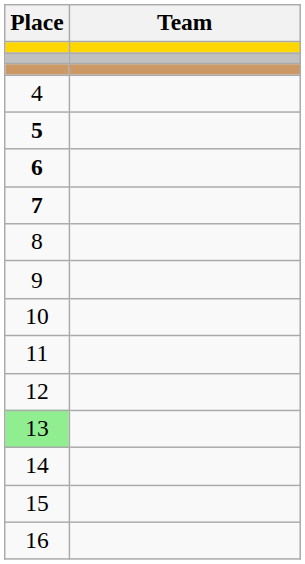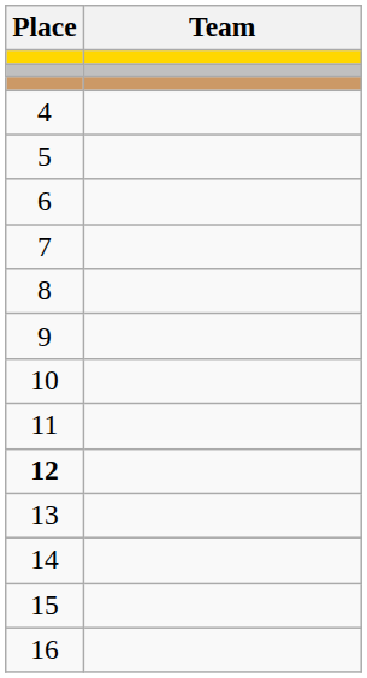 <table class="wikitable" style="text-align:center;">
 <tr>
 <th width=30>Place</th>
 <th width=150>Team</th>
 </tr>
 <tr bgcolor=gold>
 <td></td>
 <td align="left"><strong></strong></td>
 </tr>
 <tr bgcolor=silver>
 <td></td>
 <td align="left"></td>
 </tr>
 <tr bgcolor="#cc9966">
 <td></td>
 <td align="left"></td>
 </tr>
 <tr>
 <td>4</td>
 <td align="left"></td>
 </tr>
 <tr>
-<td><strong>5</strong></td>
+<td>5</td>
 <td align="left"></td>
 </tr>
 <tr>
-<td><strong>6</strong></td>
+<td>6</td>
 <td align="left"></td>
 </tr>
 <tr>
-<td><strong>7</strong></td>
+<td>7</td>
 <td align="left"></td>
 </tr>
 <tr>
 <td>8</td>
 <td align="left"></td>
 </tr>
 <tr>
 <td>9</td>
 <td align="left"></td>
 </tr>
 <tr>
 <td>10</td>
 <td align="left"></td>
 </tr>
 <tr>
 <td>11</td>
 <td align="left"></td>
 </tr>
 <tr>
-<td>12</td>
+<td><strong>12</strong></td>
 <td align="left"></td>
 </tr>
 <tr>
-<td style="background: lightgreen;">13</td>
+<td>13</td>
 <td align="left"></td>
 </tr>
 <tr>
 <td>14</td>
 <td align="left"></td>
 </tr>
 <tr>
 <td>15</td>
 <td align="left"></td>
 </tr>
 <tr>
 <td>16</td>
 <td align="left"></td>
 </tr>
 </table>
